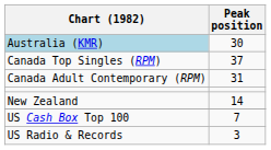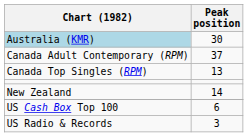 <table class="wikitable sortable">
 <tr>
 <th>Chart (1982)</th>
 <th>Peak<br>position</th>
 </tr>
 <tr>
 <td align="left" style="background: lightblue;">Australia (<a href='#'>KMR</a>)</td>
 <td align="center">30</td>
 </tr>
 <tr>
-<td align="left">Canada Top Singles (<em><a href='#'>RPM</a></em>)</td>
+<td align="left">Canada Adult Contemporary (<em>RPM</em>)</td>
 <td align="center">37</td>
 </tr>
 <tr>
-<td align="left">Canada Adult Contemporary (<em>RPM</em>)</td>
-<td align="center">31</td>
+<td align="left">Canada Top Singles (<em><a href='#'>RPM</a></em>)</td>
+<td align="center">13</td>
 </tr>
 <tr>
 <td></td>
 </tr>
 <tr>
 <td>New Zealand</td>
 <td align="center">14</td>
 </tr>
 <tr>
 </tr>
 <tr>
 </tr>
 <tr>
 </tr>
 <tr>
 <td>US <a href='#'><em>Cash Box</em></a> Top 100</td>
-<td align="center">7</td>
+<td align="center">6</td>
 </tr>
 <tr>
 <td>US Radio & Records</td>
 <td align="center">3</td>
 </tr>
 </table>
